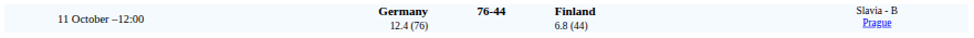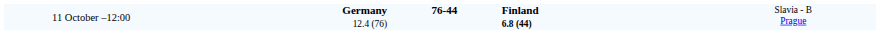 <table style="width: 100%; background:#F5FAFF;" cellspacing="0">
 <tr>
 <td style=font-size:95% align=center rowspan=3 width=20%>11 October –12:00</td>
 </tr>
 <tr>
 <td width=24% align=right><strong>Germany</strong></td>
 <td align=center width=13%><strong>76-44</strong></td>
 <td width=24%><strong>Finland</strong></td>
 <td style=font-size:85% rowspan=3 valign=top align=center>Slavia - B <br><a href='#'>Prague</a></td>
 </tr>
 <tr style=font-size:85%>
 <td align=right>12.4 (76)</td>
 <td align=center></td>
-<td>6.8 (44)</td>
+<td><strong>6.8 (44)</strong></td>
 </tr>
 </table>
